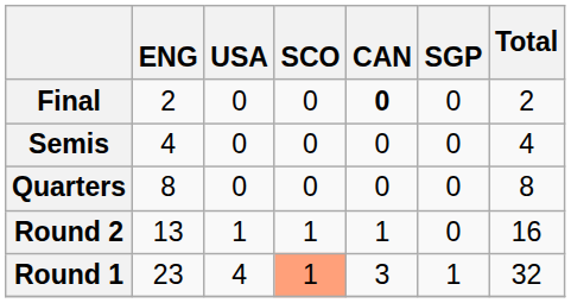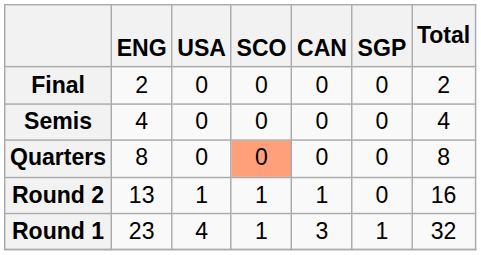 <table class="wikitable">
 <tr>
 <th></th>
 <th> <br>ENG</th>
 <th> <br>USA</th>
 <th> <br>SCO</th>
 <th> <br>CAN</th>
 <th> <br>SGP</th>
 <th>Total</th>
 </tr>
 <tr align="center">
 <th>Final</th>
 <td>2</td>
 <td>0</td>
 <td>0</td>
-<td><strong>0</strong></td>
+<td>0</td>
 <td>0</td>
 <td>2</td>
 </tr>
 <tr align="center">
 <th>Semis</th>
 <td>4</td>
 <td>0</td>
 <td>0</td>
 <td>0</td>
 <td>0</td>
 <td>4</td>
 </tr>
 <tr align="center">
 <th>Quarters</th>
 <td>8</td>
 <td>0</td>
-<td>0</td>
+<td style="background: lightsalmon;">0</td>
 <td>0</td>
 <td>0</td>
 <td>8</td>
 </tr>
 <tr align="center">
 <th>Round 2</th>
 <td>13</td>
 <td>1</td>
 <td>1</td>
 <td>1</td>
 <td>0</td>
 <td>16</td>
 </tr>
 <tr align="center">
 <th>Round 1</th>
 <td>23</td>
 <td>4</td>
-<td style="background: lightsalmon;">1</td>
+<td>1</td>
 <td>3</td>
 <td>1</td>
 <td>32</td>
 </tr>
 <tr align="center">
 </tr>
 </table>
